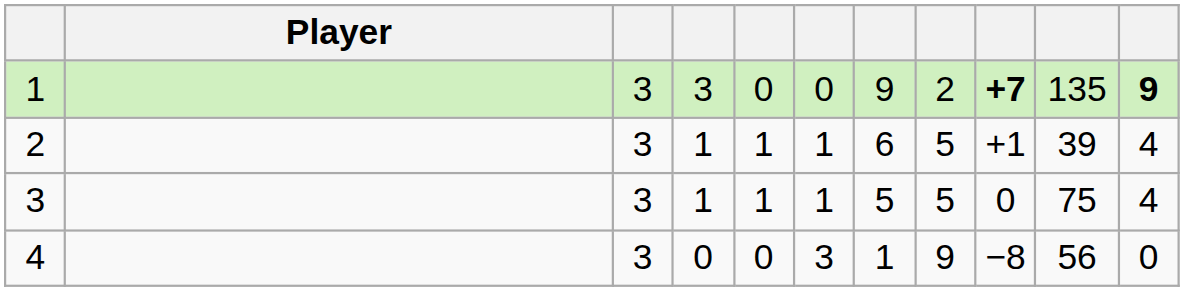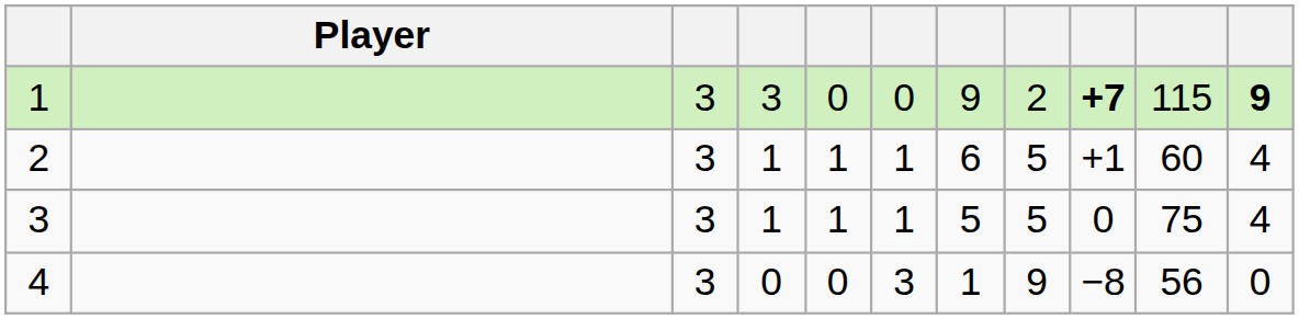 <table class="wikitable" style="text-align:center; margin: 1em auto 1em auto, align:left">
 <tr>
 <th width=20></th>
 <th width=240>Player</th>
 <th width=20></th>
 <th width=20></th>
 <th width=20></th>
 <th width=20></th>
 <th width=20></th>
 <th width=20></th>
 <th width=20></th>
 <th width=30></th>
 <th width=20></th>
 </tr>
 <tr style="background:#D0F0C0;">
 <td>1</td>
 <td align=left></td>
 <td>3</td>
 <td>3</td>
 <td>0</td>
 <td>0</td>
 <td>9</td>
 <td>2</td>
 <td><strong>+7</strong></td>
-<td>135</td>
+<td>115</td>
 <td><strong>9</strong></td>
 </tr>
 <tr style=>
 <td>2</td>
 <td align=left></td>
 <td>3</td>
 <td>1</td>
 <td>1</td>
 <td>1</td>
 <td>6</td>
 <td>5</td>
 <td>+1</td>
-<td>39</td>
+<td>60</td>
 <td>4</td>
 </tr>
 <tr style=>
 <td>3</td>
 <td align=left></td>
 <td>3</td>
 <td>1</td>
 <td>1</td>
 <td>1</td>
 <td>5</td>
 <td>5</td>
 <td>0</td>
 <td>75</td>
 <td>4</td>
 </tr>
 <tr style=>
 <td>4</td>
 <td align=left></td>
 <td>3</td>
 <td>0</td>
 <td>0</td>
 <td>3</td>
 <td>1</td>
 <td>9</td>
 <td>−8</td>
 <td>56</td>
 <td>0</td>
 </tr>
 </table>
